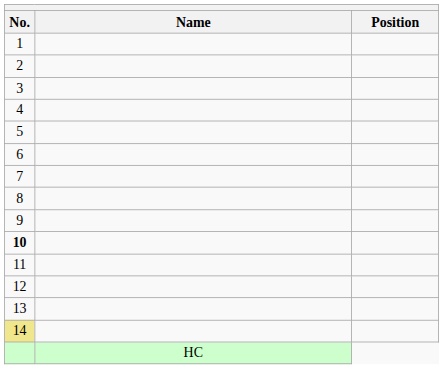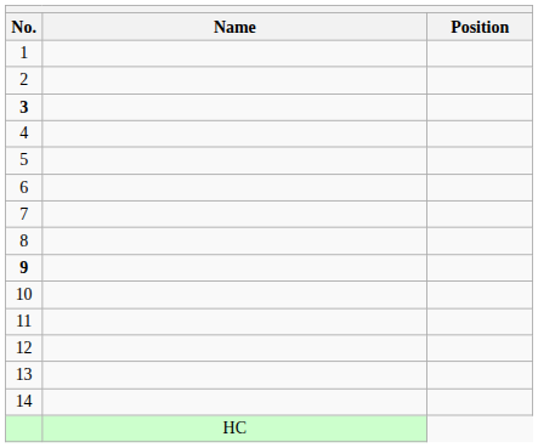 <table class="wikitable mw-collapsible mw-collapsed" style="text-align:center; width:500px; border:none">
 <tr>
 <th style="text-align:center" colspan="3"></th>
 </tr>
 <tr>
 <th style="width:7%">No.</th>
 <th>Name</th>
 <th style="width:20%">Position</th>
 </tr>
 <tr>
 <td>1</td>
 <td></td>
 <td></td>
 </tr>
 <tr>
 <td>2</td>
 <td></td>
 <td></td>
 </tr>
 <tr>
-<td>3</td>
+<td><strong>3</strong></td>
 <td></td>
 <td></td>
 </tr>
 <tr>
 <td>4</td>
 <td></td>
 <td></td>
 </tr>
 <tr>
 <td>5</td>
 <td></td>
 <td></td>
 </tr>
 <tr>
 <td>6</td>
 <td></td>
 <td></td>
 </tr>
 <tr>
 <td>7</td>
 <td></td>
 <td></td>
 </tr>
 <tr>
 <td>8</td>
 <td></td>
 <td></td>
 </tr>
 <tr>
-<td>9</td>
+<td><strong>9</strong></td>
 <td></td>
 <td></td>
 </tr>
 <tr>
-<td><strong>10</strong></td>
+<td>10</td>
 <td></td>
 <td></td>
 </tr>
 <tr>
 <td>11</td>
 <td></td>
 <td></td>
 </tr>
 <tr>
 <td>12</td>
 <td></td>
 <td></td>
 </tr>
 <tr>
 <td>13</td>
 <td></td>
 <td></td>
 </tr>
 <tr>
-<td style="background: khaki;">14</td>
+<td>14</td>
 <td></td>
 <td></td>
 </tr>
 <tr bgcolor=#CCFFCC>
 <td></td>
 <td>HC</td>
 </tr>
 </table>
